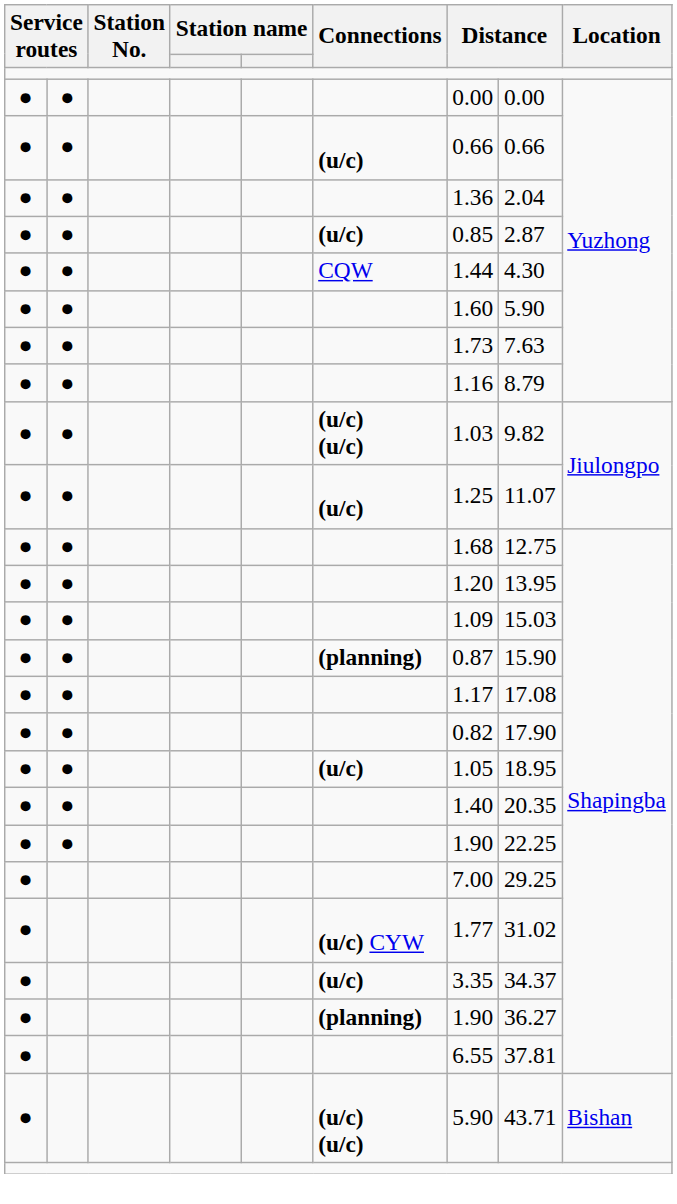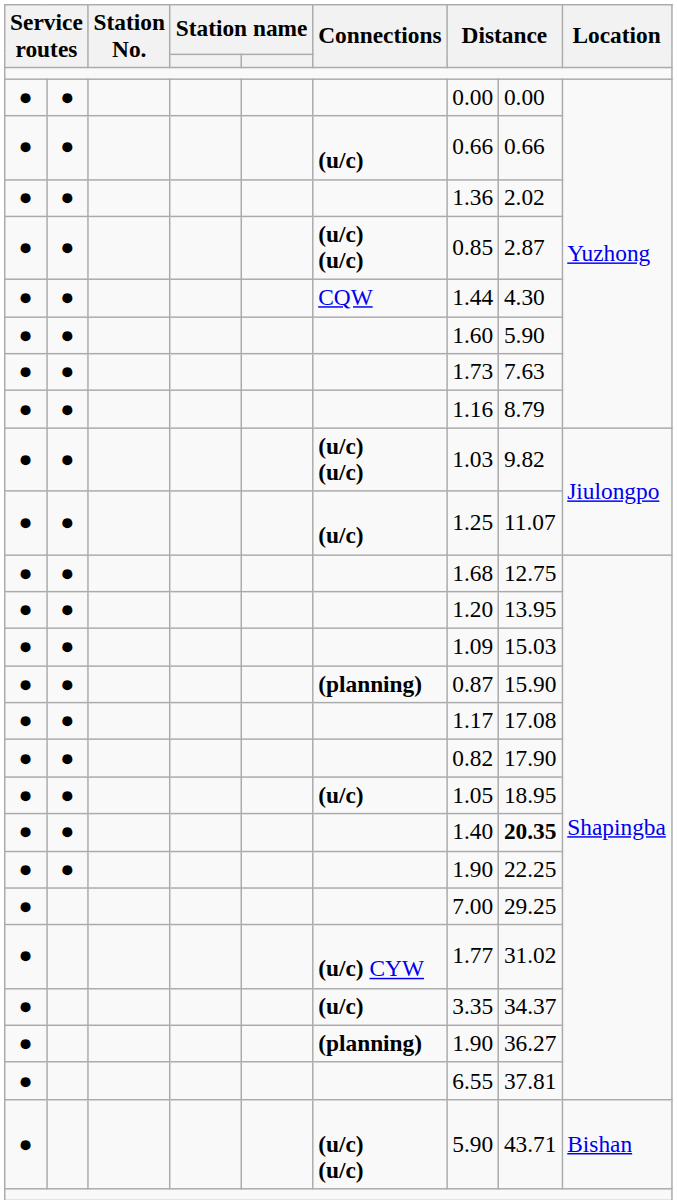 <table class="wikitable">
 <tr>
 <th rowspan="2" colspan="2">Service<br>routes</th>
 <th rowspan="2">Station<br>No.</th>
 <th colspan="2">Station name</th>
 <th rowspan="2">Connections</th>
 <th colspan="2" rowspan="2">Distance<br></th>
 <th rowspan="2">Location</th>
 </tr>
 <tr>
 <th></th>
 <th></th>
 </tr>
 <tr style="background:#">
 <td colspan = "9"></td>
 </tr>
 <tr>
 <td align="center">●</td>
 <td align="center">●</td>
 <td></td>
 <td></td>
 <td></td>
 <td></td>
 <td>0.00</td>
 <td>0.00</td>
 <td rowspan="8"><a href='#'>Yuzhong</a></td>
 </tr>
 <tr>
 <td align="center">●</td>
 <td align="center">●</td>
 <td></td>
 <td></td>
 <td></td>
 <td><br>  <strong>(u/c)</strong></td>
 <td>0.66</td>
 <td>0.66</td>
 </tr>
 <tr>
 <td align="center">●</td>
 <td align="center">●</td>
 <td></td>
 <td></td>
 <td></td>
 <td></td>
 <td>1.36</td>
-<td>2.04</td>
+<td>2.02</td>
 </tr>
 <tr>
 <td align="center">●</td>
 <td align="center">●</td>
 <td></td>
 <td></td>
 <td></td>
-<td> <strong>(u/c)</strong></td>
+<td> <strong>(u/c)</strong><br> <strong>(u/c)</strong></td>
 <td>0.85</td>
 <td>2.87</td>
 </tr>
 <tr>
 <td align="center">●</td>
 <td align="center">●</td>
 <td></td>
 <td></td>
 <td></td>
 <td>  <a href='#'>CQW</a></td>
 <td>1.44</td>
 <td>4.30</td>
 </tr>
 <tr>
 <td align="center">●</td>
 <td align="center">●</td>
 <td></td>
 <td></td>
 <td></td>
 <td></td>
 <td>1.60</td>
 <td>5.90</td>
 </tr>
 <tr>
 <td align="center">●</td>
 <td align="center">●</td>
 <td></td>
 <td></td>
 <td></td>
 <td></td>
 <td>1.73</td>
 <td>7.63</td>
 </tr>
 <tr>
 <td align="center">●</td>
 <td align="center">●</td>
 <td></td>
 <td></td>
 <td></td>
 <td></td>
 <td>1.16</td>
 <td>8.79</td>
 </tr>
 <tr>
 <td align="center">●</td>
 <td align="center">●</td>
 <td></td>
 <td></td>
 <td></td>
 <td> <strong>(u/c)</strong><br> <strong>(u/c)</strong></td>
 <td>1.03</td>
 <td>9.82</td>
 <td rowspan="2"><a href='#'>Jiulongpo</a></td>
 </tr>
 <tr>
 <td align="center">●</td>
 <td align="center">●</td>
 <td></td>
 <td></td>
 <td></td>
 <td><br>  <strong>(u/c)</strong></td>
 <td>1.25</td>
 <td>11.07</td>
 </tr>
 <tr>
 <td align="center">●</td>
 <td align="center">●</td>
 <td></td>
 <td></td>
 <td></td>
 <td></td>
 <td>1.68</td>
 <td>12.75</td>
 <td rowspan="14"><a href='#'>Shapingba</a></td>
 </tr>
 <tr>
 <td align="center">●</td>
 <td align="center">●</td>
 <td></td>
 <td></td>
 <td></td>
 <td></td>
 <td>1.20</td>
 <td>13.95</td>
 </tr>
 <tr>
 <td align="center">●</td>
 <td align="center">●</td>
 <td></td>
 <td></td>
 <td></td>
 <td></td>
 <td>1.09</td>
 <td>15.03</td>
 </tr>
 <tr>
 <td align="center">●</td>
 <td align="center">●</td>
 <td></td>
 <td></td>
 <td></td>
 <td> <strong>(planning)</strong></td>
 <td>0.87</td>
 <td>15.90</td>
 </tr>
 <tr>
 <td align="center">●</td>
 <td align="center">●</td>
 <td></td>
 <td></td>
 <td></td>
 <td></td>
 <td>1.17</td>
 <td>17.08</td>
 </tr>
 <tr>
 <td align="center">●</td>
 <td align="center">●</td>
 <td></td>
 <td></td>
 <td></td>
 <td></td>
 <td>0.82</td>
 <td>17.90</td>
 </tr>
 <tr>
 <td align="center">●</td>
 <td align="center">●</td>
 <td></td>
 <td></td>
 <td></td>
 <td> <strong>(u/c)</strong></td>
 <td>1.05</td>
 <td>18.95</td>
 </tr>
 <tr>
 <td align="center">●</td>
 <td align="center">●</td>
 <td></td>
 <td></td>
 <td></td>
 <td></td>
 <td>1.40</td>
-<td>20.35</td>
+<td><strong>20.35</strong></td>
 </tr>
 <tr>
 <td align="center">●</td>
 <td align="center">●</td>
 <td></td>
 <td></td>
 <td></td>
 <td></td>
 <td>1.90</td>
 <td>22.25</td>
 </tr>
 <tr>
 <td align="center">●</td>
 <td align="center"></td>
 <td></td>
 <td></td>
 <td></td>
 <td></td>
 <td>7.00</td>
 <td>29.25</td>
 </tr>
 <tr>
 <td align="center">●</td>
 <td align="center"></td>
 <td></td>
 <td></td>
 <td></td>
 <td>  <br> <strong>(u/c)</strong>  <a href='#'>CYW</a></td>
 <td>1.77</td>
 <td>31.02</td>
 </tr>
 <tr>
 <td align="center">●</td>
 <td align="center"></td>
 <td></td>
 <td></td>
 <td></td>
 <td> <strong>(u/c)</strong></td>
 <td>3.35</td>
 <td>34.37</td>
 </tr>
 <tr>
 <td align="center">●</td>
 <td align="center"></td>
 <td></td>
 <td></td>
 <td></td>
 <td> <strong>(planning)</strong></td>
 <td>1.90</td>
 <td>36.27</td>
 </tr>
 <tr>
 <td align="center">●</td>
 <td align="center"></td>
 <td></td>
 <td></td>
 <td></td>
 <td></td>
 <td>6.55</td>
 <td>37.81</td>
 </tr>
 <tr>
 <td align="center">●</td>
 <td align="center"></td>
 <td></td>
 <td></td>
 <td></td>
 <td><br> <strong>(u/c)</strong><br> <strong>(u/c)</strong></td>
 <td>5.90</td>
 <td>43.71</td>
 <td><a href='#'>Bishan</a></td>
 </tr>
 <tr style="background:#">
 <td colspan = "9"></td>
 </tr>
 </table>
